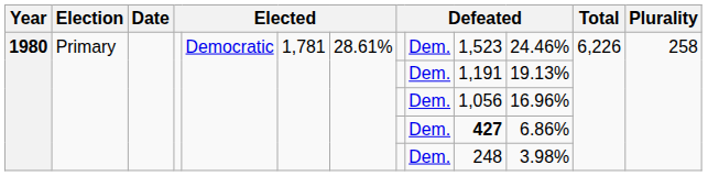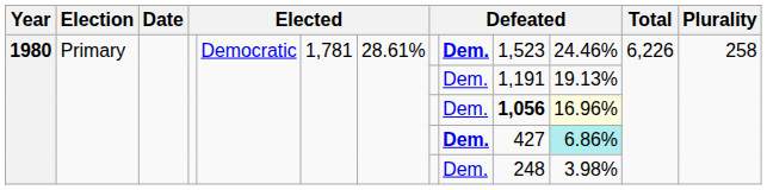 <table class="wikitable">
 <tr>
 <th>Year</th>
 <th>Election</th>
 <th>Date</th>
 <th colspan="4">Elected</th>
 <th colspan="4">Defeated</th>
 <th>Total</th>
 <th>Plurality</th>
 </tr>
 <tr>
 <th rowspan="5" valign="top">1980</th>
 <td rowspan="5" valign="top">Primary</td>
 <td rowspan="5" valign="top"></td>
 <td rowspan="5" valign="top"></td>
 <td valign="top" rowspan="5" ><a href='#'>Democratic</a></td>
 <td rowspan="5" align="right" valign="top">1,781</td>
 <td rowspan="5" align="right" valign="top">28.61%</td>
 <td valign="top"></td>
-<td valign="top" ><a href='#'>Dem.</a></td>
+<td valign="top" ><strong><a href='#'>Dem.</a></strong></td>
 <td align="right" valign="top">1,523</td>
 <td align="right" valign="top">24.46%</td>
 <td rowspan="5" align="right" valign="top">6,226</td>
 <td rowspan="5" align="right" valign="top">258</td>
 </tr>
 <tr>
 <td valign="top"></td>
 <td valign="top" ><a href='#'>Dem.</a></td>
 <td align="right" valign="top">1,191</td>
 <td align="right" valign="top">19.13%</td>
 </tr>
 <tr>
 <td valign="top"></td>
 <td valign="top" ><a href='#'>Dem.</a></td>
-<td align="right" valign="top">1,056</td>
-<td align="right" valign="top">16.96%</td>
+<td align="right" valign="top"><strong>1,056</strong></td>
+<td align="right" valign="top" style="background: lightyellow;">16.96%</td>
 </tr>
 <tr>
 <td valign="top"></td>
-<td valign="top" ><a href='#'>Dem.</a></td>
-<td align="right" valign="top"><strong>427</strong></td>
-<td align="right" valign="top">6.86%</td>
+<td valign="top" ><strong><a href='#'>Dem.</a></strong></td>
+<td align="right" valign="top">427</td>
+<td align="right" valign="top" style="background: paleturquoise;">6.86%</td>
 </tr>
 <tr>
 <td valign="top"></td>
 <td valign="top" ><a href='#'>Dem.</a></td>
 <td align="right" valign="top">248</td>
 <td align="right" valign="top">3.98%</td>
 </tr>
 </table>
